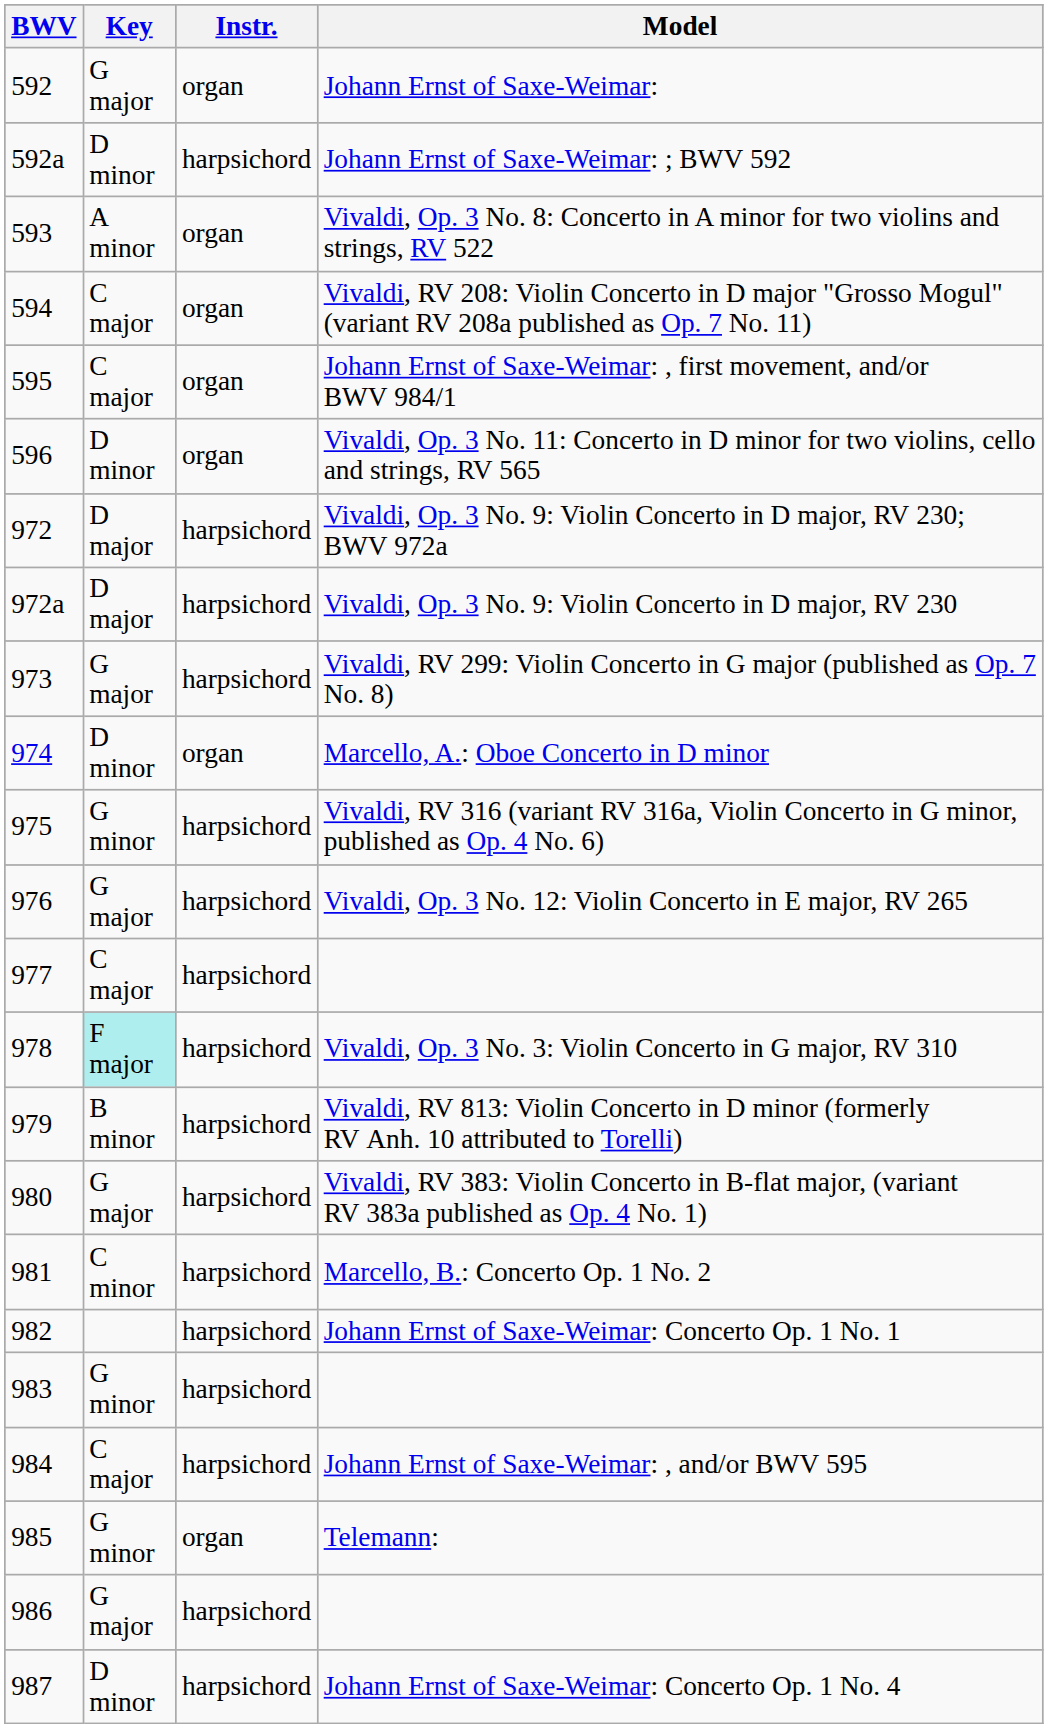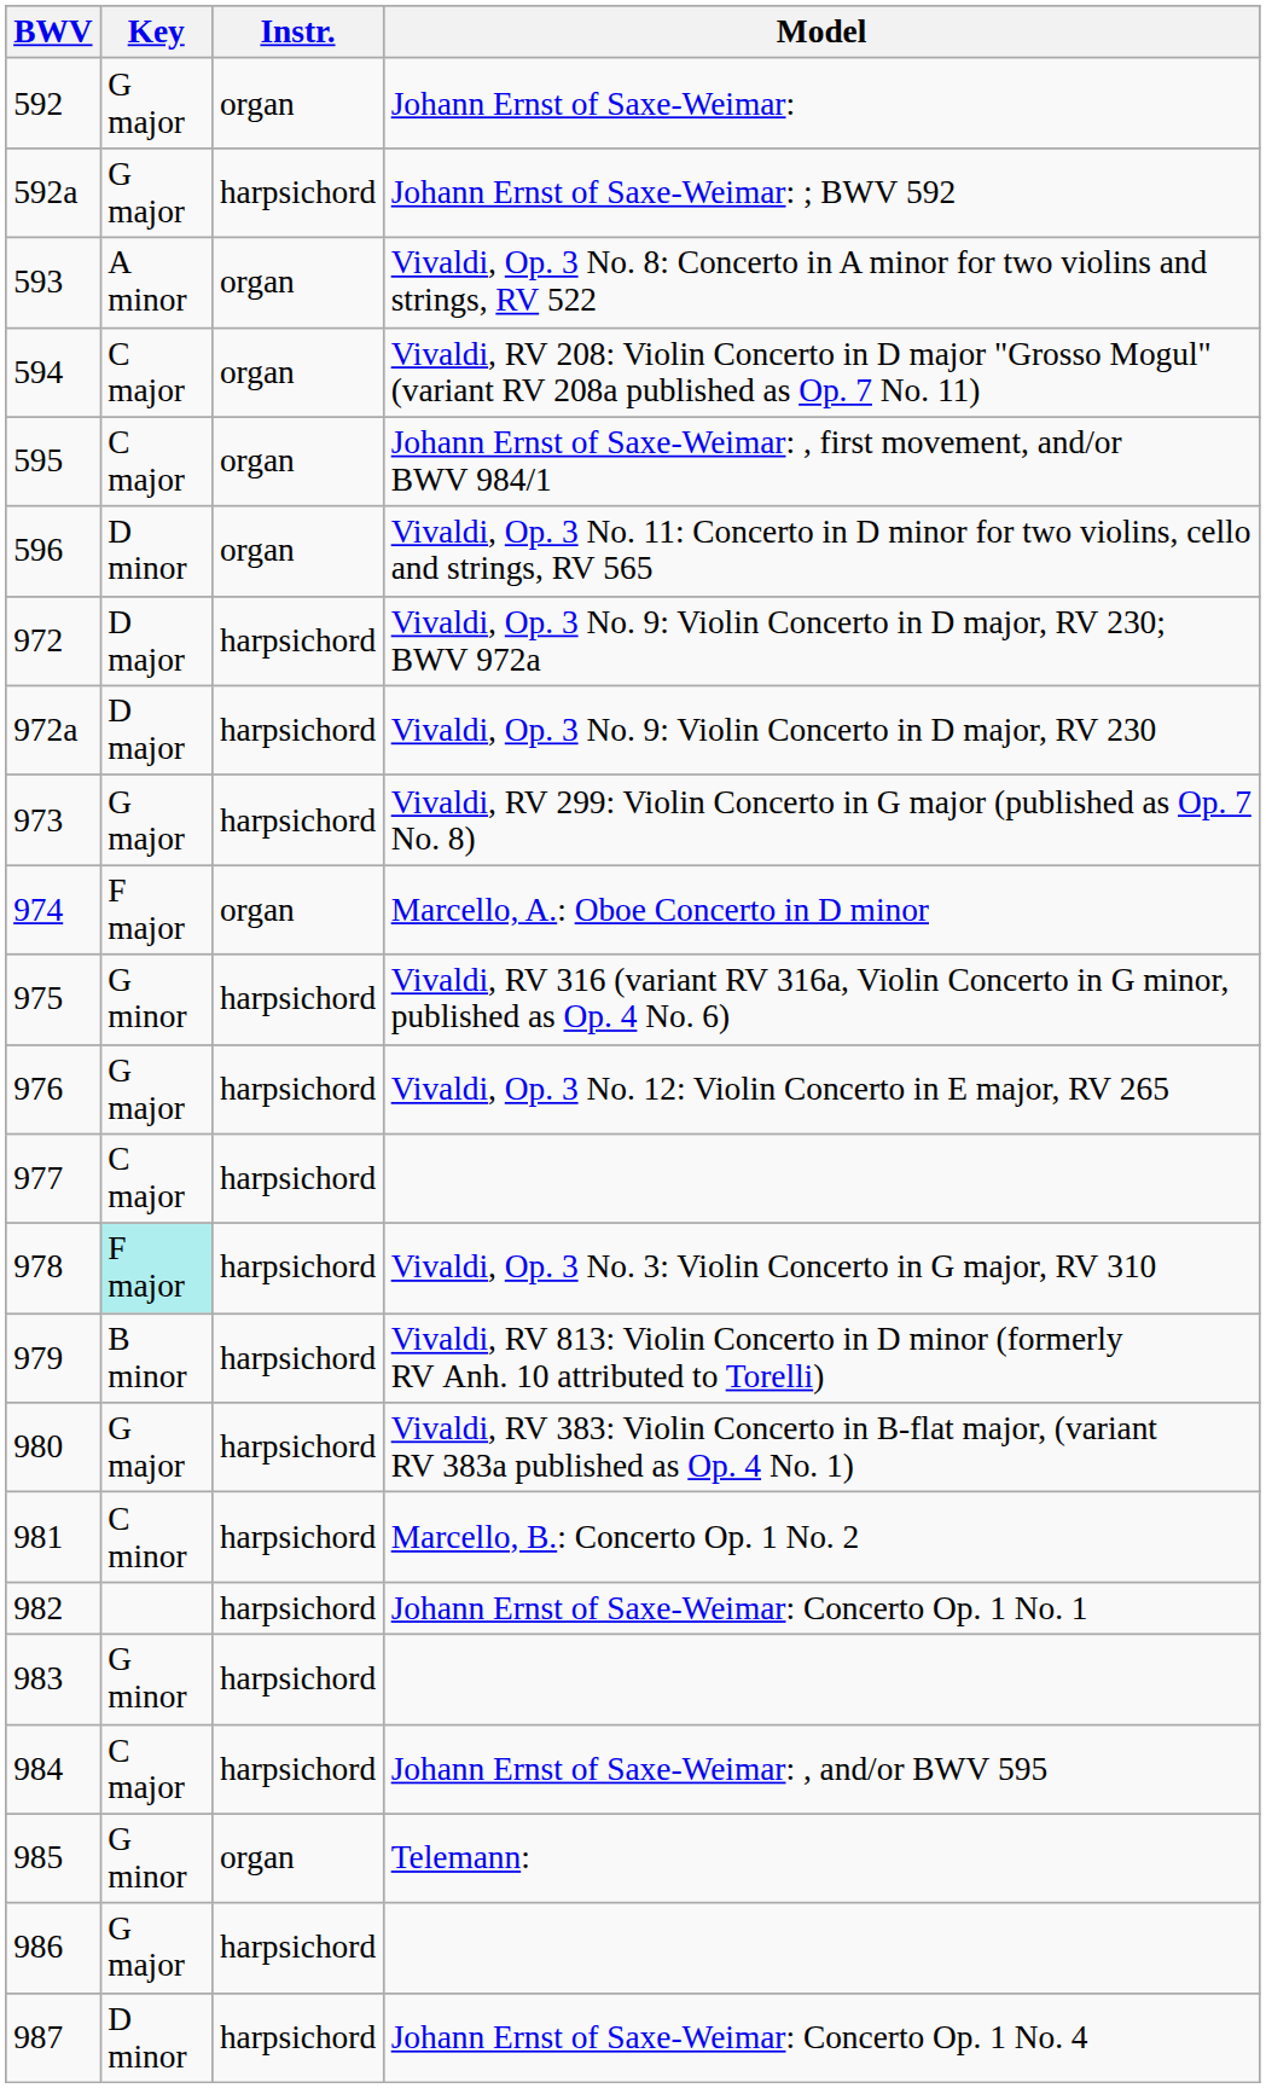 <table class="wikitable sortable">
 <tr>
 <th scope="col"><a href='#'>BWV</a></th>
 <th scope="col"><a href='#'>Key</a></th>
 <th scope="col"><a href='#'>Instr.</a></th>
 <th scope="col">Model</th>
 </tr>
 <tr>
 <td>592</td>
 <td>G major</td>
 <td>organ</td>
 <td><a href='#'>Johann Ernst of Saxe-Weimar</a>: </td>
 </tr>
 <tr>
 <td>592a</td>
-<td>D minor</td>
+<td>G major</td>
 <td>harpsichord</td>
 <td><a href='#'>Johann Ernst of Saxe-Weimar</a>: ; BWV 592</td>
 </tr>
 <tr>
 <td>593</td>
 <td>A minor</td>
 <td>organ</td>
 <td data-sort-value="Vivaldi, Op."><a href='#'>Vivaldi</a>, <a href='#'>Op. 3</a> No. 8: Concerto in A minor for two violins and strings, <a href='#'>RV</a> 522</td>
 </tr>
 <tr>
 <td>594</td>
 <td>C major</td>
 <td>organ</td>
 <td><a href='#'>Vivaldi</a>, RV 208: Violin Concerto in D major "Grosso Mogul" (variant RV 208a published as <a href='#'>Op. 7</a> No. 11)</td>
 </tr>
 <tr>
 <td>595</td>
 <td>C major</td>
 <td>organ</td>
 <td><a href='#'>Johann Ernst of Saxe-Weimar</a>: , first movement, and/or BWV 984/1</td>
 </tr>
 <tr>
 <td>596</td>
 <td>D minor</td>
 <td>organ</td>
 <td><a href='#'>Vivaldi</a>, <a href='#'>Op. 3</a> No. 11: Concerto in D minor for two violins, cello and strings, RV 565</td>
 </tr>
 <tr>
 <td>972</td>
 <td>D major</td>
 <td>harpsichord</td>
 <td data-sort-value="Vivaldi, Op."><a href='#'>Vivaldi</a>, <a href='#'>Op. 3</a> No. 9: Violin Concerto in D major, RV 230; BWV 972a</td>
 </tr>
 <tr>
 <td>972a</td>
 <td>D major</td>
 <td>harpsichord</td>
 <td data-sort-value="Vivaldi, Op."><a href='#'>Vivaldi</a>, <a href='#'>Op. 3</a> No. 9: Violin Concerto in D major, RV 230</td>
 </tr>
 <tr>
 <td>973</td>
 <td>G major</td>
 <td>harpsichord</td>
 <td><a href='#'>Vivaldi</a>, RV 299: Violin Concerto in G major (published as <a href='#'>Op. 7</a> No. 8)</td>
 </tr>
 <tr>
 <td><a href='#'>974</a></td>
-<td>D minor</td>
+<td>F major</td>
 <td>organ</td>
 <td><a href='#'>Marcello, A.</a>: <a href='#'>Oboe Concerto in D minor</a></td>
 </tr>
 <tr>
 <td>975</td>
 <td>G minor</td>
 <td>harpsichord</td>
 <td><a href='#'>Vivaldi</a>, RV 316 (variant RV 316a, Violin Concerto in G minor, published as <a href='#'>Op. 4</a> No. 6)</td>
 </tr>
 <tr>
 <td>976</td>
 <td>G major</td>
 <td>harpsichord</td>
 <td><a href='#'>Vivaldi</a>, <a href='#'>Op. 3</a> No. 12: Violin Concerto in E major, RV 265</td>
 </tr>
 <tr>
 <td>977</td>
 <td>C major</td>
 <td>harpsichord</td>
 <td></td>
 </tr>
 <tr>
 <td>978</td>
 <td style="background: paleturquoise;">F major</td>
 <td>harpsichord</td>
 <td data-sort-value="Vivaldi, Op."><a href='#'>Vivaldi</a>, <a href='#'>Op. 3</a> No. 3: Violin Concerto in G major, RV 310</td>
 </tr>
 <tr>
 <td>979</td>
 <td>B minor</td>
 <td>harpsichord</td>
 <td><a href='#'>Vivaldi</a>, RV 813: Violin Concerto in D minor (formerly RV Anh. 10 attributed to <a href='#'>Torelli</a>)</td>
 </tr>
 <tr>
 <td>980</td>
 <td>G major</td>
 <td>harpsichord</td>
 <td><a href='#'>Vivaldi</a>, RV 383: Violin Concerto in B-flat major, (variant RV 383a published as <a href='#'>Op. 4</a> No. 1)</td>
 </tr>
 <tr>
 <td>981</td>
 <td>C minor</td>
 <td>harpsichord</td>
 <td><a href='#'>Marcello, B.</a>: Concerto Op. 1 No. 2</td>
 </tr>
 <tr>
 <td>982</td>
 <td></td>
 <td>harpsichord</td>
 <td><a href='#'>Johann Ernst of Saxe-Weimar</a>: Concerto Op. 1 No. 1</td>
 </tr>
 <tr>
 <td>983</td>
 <td>G minor</td>
 <td>harpsichord</td>
 <td></td>
 </tr>
 <tr>
 <td>984</td>
 <td>C major</td>
 <td>harpsichord</td>
 <td><a href='#'>Johann Ernst of Saxe-Weimar</a>: , and/or BWV 595</td>
 </tr>
 <tr>
 <td>985</td>
 <td>G minor</td>
 <td>organ</td>
 <td><a href='#'>Telemann</a>: </td>
 </tr>
 <tr>
 <td>986</td>
 <td>G major</td>
 <td>harpsichord</td>
 <td></td>
 </tr>
 <tr>
 <td>987</td>
 <td>D minor</td>
 <td>harpsichord</td>
 <td><a href='#'>Johann Ernst of Saxe-Weimar</a>: Concerto Op. 1 No. 4</td>
 </tr>
 </table>
